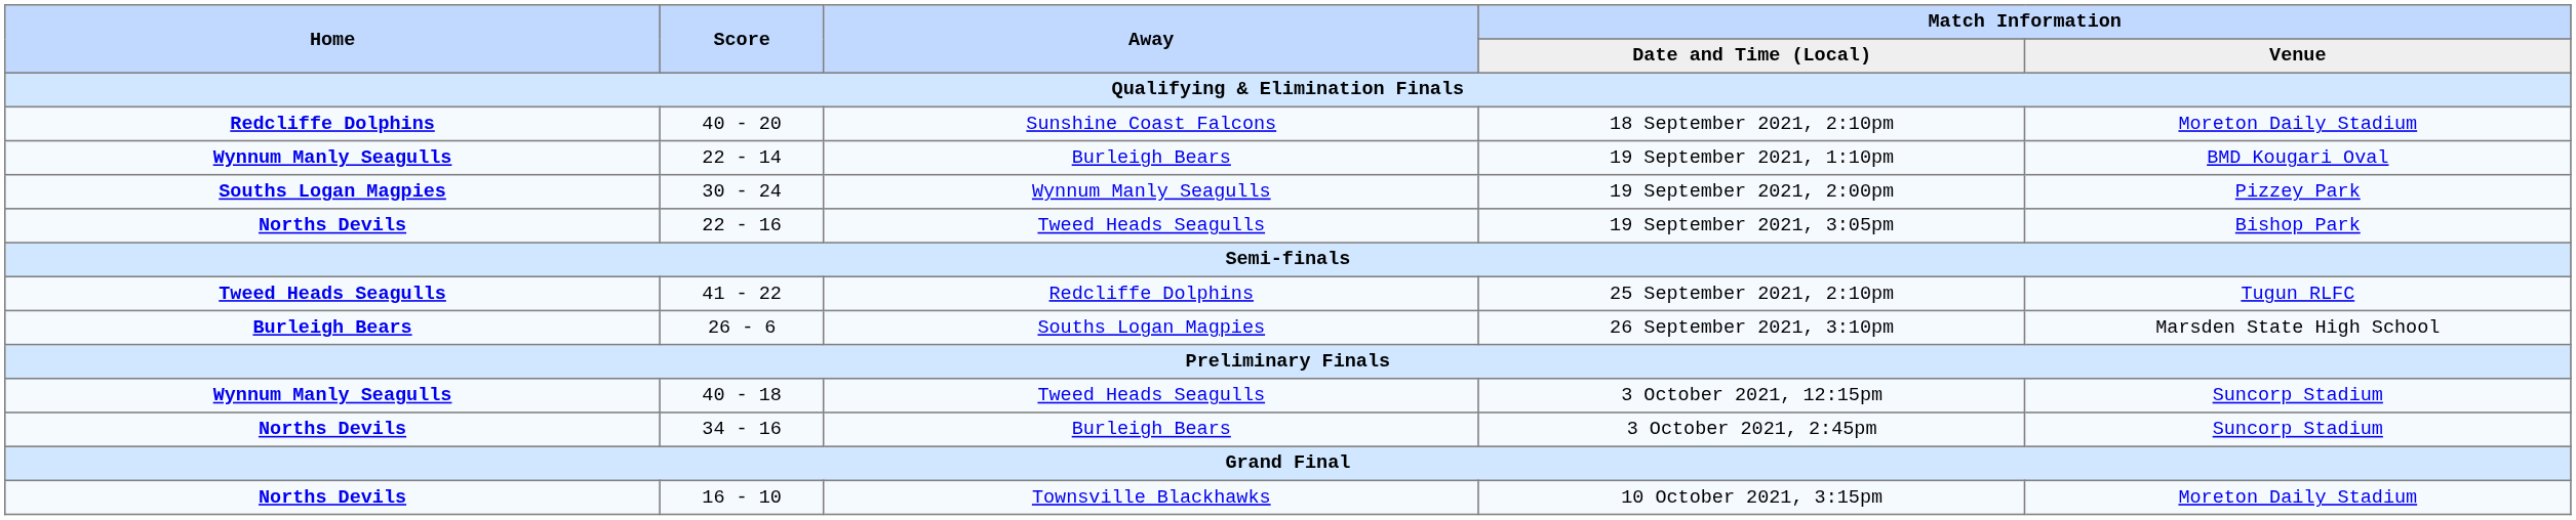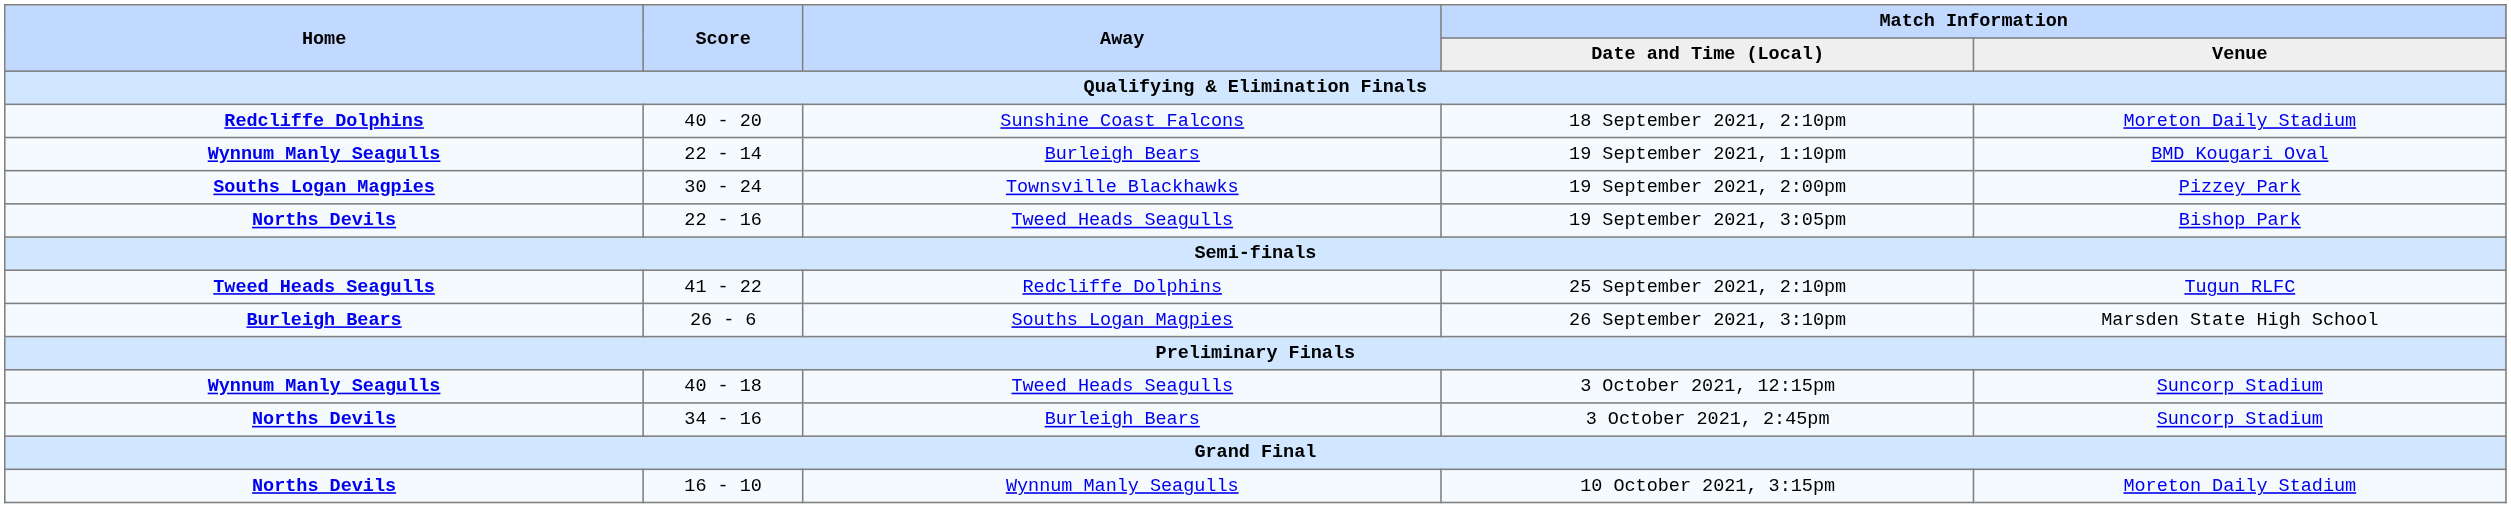 <table border="1" cellpadding="3" cellspacing="0" style="border-collapse:collapse; font-size:90%; text-align:center; width:100%;">
 <tr style="background:#c1d8ff;">
 <th rowspan=2 width=12%>Home</th>
 <th rowspan=2 width=3%>Score</th>
 <th rowspan=2 width=12%>Away</th>
 <th colspan=5>Match Information</th>
 </tr>
 <tr bgcolor=#EFEFEF>
 <th width=10%>Date and Time (Local)</th>
 <th width=10%>Venue</th>
 </tr>
 <tr style="background:#d0e7ff;">
 <td colspan=5><strong>Qualifying & Elimination Finals</strong></td>
 </tr>
 <tr style="background:#f5faff;">
 <td> <strong><a href='#'>Redcliffe Dolphins</a></strong></td>
 <td>40 - 20</td>
 <td> <a href='#'>Sunshine Coast Falcons</a></td>
 <td>18 September 2021, 2:10pm</td>
 <td><a href='#'>Moreton Daily Stadium</a></td>
 </tr>
 <tr style="background:#f5faff;">
 <td> <strong><a href='#'>Wynnum Manly Seagulls</a></strong></td>
 <td>22 - 14</td>
 <td> <a href='#'>Burleigh Bears</a></td>
 <td>19 September 2021, 1:10pm</td>
 <td><a href='#'>BMD Kougari Oval</a></td>
 </tr>
 <tr style="background:#f5faff;">
 <td> <strong><a href='#'>Souths Logan Magpies</a></strong></td>
 <td>30 - 24</td>
-<td> <a href='#'>Wynnum Manly Seagulls</a></td>
+<td> <a href='#'>Townsville Blackhawks</a></td>
 <td>19 September 2021, 2:00pm</td>
 <td><a href='#'>Pizzey Park</a></td>
 </tr>
 <tr style="background:#f5faff;">
 <td> <strong><a href='#'>Norths Devils</a></strong></td>
 <td>22 - 16</td>
 <td> <a href='#'>Tweed Heads Seagulls</a></td>
 <td>19 September 2021, 3:05pm</td>
 <td><a href='#'>Bishop Park</a></td>
 </tr>
 <tr style="background:#d0e7ff;">
 <td colspan=5><strong>Semi-finals</strong></td>
 </tr>
 <tr style="background:#f5faff;">
 <td> <strong><a href='#'>Tweed Heads Seagulls</a></strong></td>
 <td>41 - 22</td>
 <td> <a href='#'>Redcliffe Dolphins</a></td>
 <td>25 September 2021, 2:10pm</td>
 <td><a href='#'>Tugun RLFC</a></td>
 </tr>
 <tr style="background:#f5faff;">
 <td> <strong><a href='#'>Burleigh Bears</a></strong></td>
 <td>26 - 6</td>
 <td> <a href='#'>Souths Logan Magpies</a></td>
 <td>26 September 2021, 3:10pm</td>
 <td>Marsden State High School</td>
 </tr>
 <tr style="background:#d0e7ff;">
 <td colspan=5><strong>Preliminary Finals</strong></td>
 </tr>
 <tr style="background:#f5faff;">
 <td> <strong><a href='#'>Wynnum Manly Seagulls</a></strong></td>
 <td>40 - 18</td>
 <td> <a href='#'>Tweed Heads Seagulls</a></td>
 <td>3 October 2021, 12:15pm</td>
 <td><a href='#'>Suncorp Stadium</a></td>
 </tr>
 <tr style="background:#f5faff;">
 <td> <strong><a href='#'>Norths Devils</a></strong></td>
 <td>34 - 16</td>
 <td> <a href='#'>Burleigh Bears</a></td>
 <td>3 October 2021, 2:45pm</td>
 <td><a href='#'>Suncorp Stadium</a></td>
 </tr>
 <tr style="background:#d0e7ff;">
 <td colspan=5><strong>Grand Final</strong></td>
 </tr>
 <tr style="background:#f5faff;">
 <td> <strong><a href='#'>Norths Devils</a></strong></td>
 <td>16 - 10</td>
-<td> <a href='#'>Townsville Blackhawks</a></td>
+<td> <a href='#'>Wynnum Manly Seagulls</a></td>
 <td>10 October 2021, 3:15pm</td>
 <td><a href='#'>Moreton Daily Stadium</a></td>
 </tr>
 </table>
